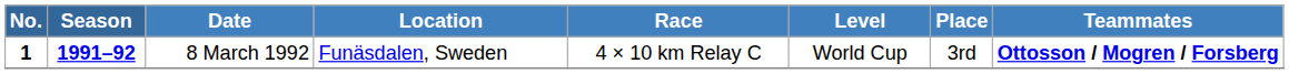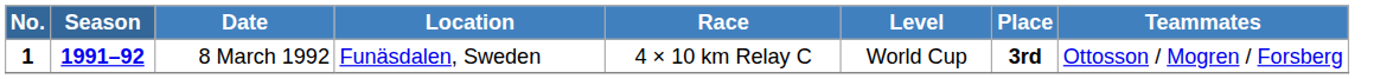 <table class="wikitable sortable" style="font-size:95%; text-align:center; border:grey solid 1px; border-collapse:collapse; background:#ffffff;">
 <tr style="background:#efefef;">
 <th style="background-color:#369; color:white;">No.</th>
 <th style="background-color:#369; color:white;">Season</th>
 <th style="background-color:#4180be; color:white; width:120px;">Date</th>
 <th style="background-color:#4180be; color:white; width:185px;">Location</th>
 <th style="background-color:#4180be; color:white; width:160px;">Race</th>
 <th style="background-color:#4180be; color:white; width:100px;">Level</th>
 <th style="background-color:#4180be; color:white;">Place</th>
 <th style="background-color:#4180be; color:white;">Teammates</th>
 </tr>
 <tr>
 <td align=center><strong>1</strong></td>
 <td rowspan=1 align=center><strong> <a href='#'>1991–92</a> </strong></td>
 <td align=right>8 March 1992</td>
 <td align=left> <a href='#'>Funäsdalen</a>, Sweden</td>
 <td>4 × 10 km Relay C</td>
 <td>World Cup</td>
-<td>3rd</td>
-<td><strong><a href='#'>Ottosson</a> / <a href='#'>Mogren</a> / <a href='#'>Forsberg</a></strong></td>
+<td><strong>3rd</strong></td>
+<td><a href='#'>Ottosson</a> / <a href='#'>Mogren</a> / <a href='#'>Forsberg</a></td>
 </tr>
 <tr>
 </tr>
 </table>
